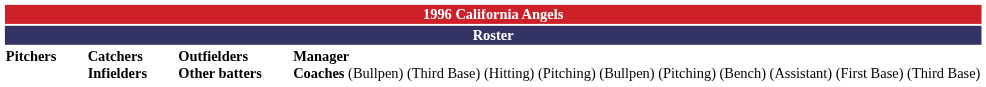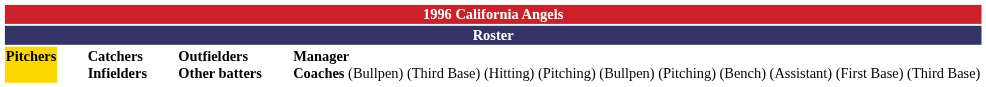 <table class="toccolours" style="font-size: 95%;">
 <tr>
 <th colspan="10" style="background-color: #CE2029; color: white; text-align: center;">1996 California Angels</th>
 </tr>
 <tr>
 <td colspan="10" style="background-color:#333366; color: white; text-align: center;"><strong>Roster</strong></td>
 </tr>
 <tr>
-<td valign="top"><strong>Pitchers</strong><br>                            </td>
+<td valign="top" style="background: gold;"><strong>Pitchers</strong><br>                            </td>
 <td width="25px"></td>
 <td valign="top"><strong>Catchers</strong><br>     <strong>Infielders</strong>           </td>
 <td width="25px"></td>
 <td valign="top"><strong>Outfielders</strong><br>      <strong>Other batters</strong> </td>
 <td width="25px"></td>
 <td valign="top"><strong>Manager</strong><br>   <strong>Coaches</strong>  (Bullpen)  (Third Base)  (Hitting)  (Pitching)  (Bullpen)  (Pitching)  (Bench)  (Assistant)  (First Base)  (Third Base)</td>
 </tr>
 </table>
